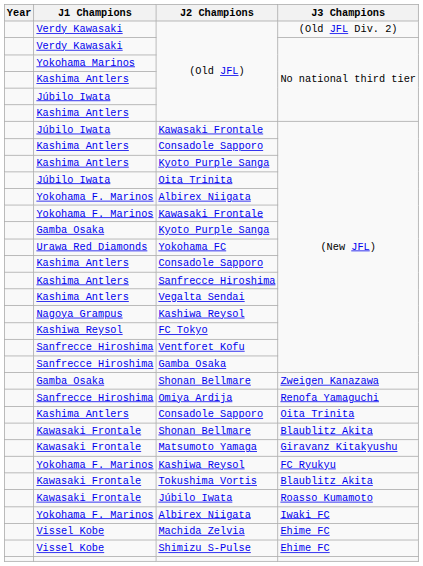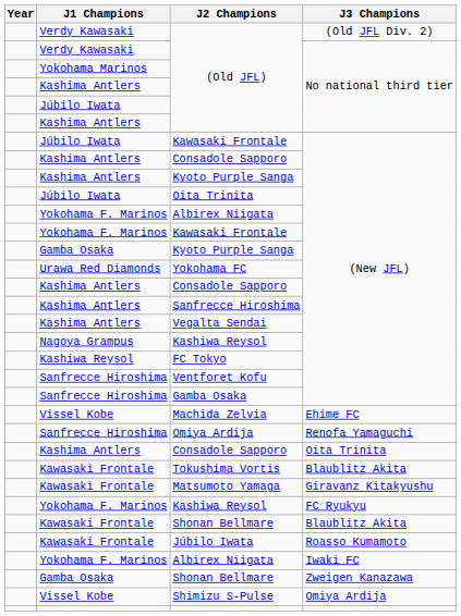 <table class="wikitable">
 <tr>
 <th>Year</th>
 <th>J1 Champions</th>
 <th>J2 Champions</th>
 <th>J3 Champions</th>
 </tr>
 <tr>
 <td></td>
 <td><a href='#'>Verdy Kawasaki</a></td>
 <td rowspan="6" align="center">(Old <a href='#'>JFL</a>)</td>
 <td align="center">(Old <a href='#'>JFL</a> Div. 2)</td>
 </tr>
 <tr>
 <td></td>
 <td><a href='#'>Verdy Kawasaki</a></td>
 <td rowspan="5" align="center">No national third tier</td>
 </tr>
 <tr>
 <td></td>
 <td><a href='#'>Yokohama Marinos</a></td>
 </tr>
 <tr>
 <td></td>
 <td><a href='#'>Kashima Antlers</a></td>
 </tr>
 <tr>
 <td></td>
 <td><a href='#'>Júbilo Iwata</a></td>
 </tr>
 <tr>
 <td></td>
 <td><a href='#'>Kashima Antlers</a></td>
 </tr>
 <tr>
 <td></td>
 <td><a href='#'>Júbilo Iwata</a></td>
 <td><a href='#'>Kawasaki Frontale</a></td>
 <td rowspan="15" align="center">(New <a href='#'>JFL</a>)</td>
 </tr>
 <tr>
 <td></td>
 <td><a href='#'>Kashima Antlers</a></td>
 <td><a href='#'>Consadole Sapporo</a></td>
 </tr>
 <tr>
 <td></td>
 <td><a href='#'>Kashima Antlers</a></td>
 <td><a href='#'>Kyoto Purple Sanga</a></td>
 </tr>
 <tr>
 <td></td>
 <td><a href='#'>Júbilo Iwata</a></td>
 <td><a href='#'>Oita Trinita</a></td>
 </tr>
 <tr>
 <td></td>
 <td><a href='#'>Yokohama F. Marinos</a></td>
 <td><a href='#'>Albirex Niigata</a></td>
 </tr>
 <tr>
 <td></td>
 <td><a href='#'>Yokohama F. Marinos</a></td>
 <td><a href='#'>Kawasaki Frontale</a></td>
 </tr>
 <tr>
 <td></td>
 <td><a href='#'>Gamba Osaka</a></td>
 <td><a href='#'>Kyoto Purple Sanga</a></td>
 </tr>
 <tr>
 <td></td>
 <td><a href='#'>Urawa Red Diamonds</a></td>
 <td><a href='#'>Yokohama FC</a></td>
 </tr>
 <tr>
 <td></td>
 <td><a href='#'>Kashima Antlers</a></td>
 <td><a href='#'>Consadole Sapporo</a></td>
 </tr>
 <tr>
 <td></td>
 <td><a href='#'>Kashima Antlers</a></td>
 <td><a href='#'>Sanfrecce Hiroshima</a></td>
 </tr>
 <tr>
 <td></td>
 <td><a href='#'>Kashima Antlers</a></td>
 <td><a href='#'>Vegalta Sendai</a></td>
 </tr>
 <tr>
 <td></td>
 <td><a href='#'>Nagoya Grampus</a></td>
 <td><a href='#'>Kashiwa Reysol</a></td>
 </tr>
 <tr>
 <td></td>
 <td><a href='#'>Kashiwa Reysol</a></td>
 <td><a href='#'>FC Tokyo</a></td>
 </tr>
 <tr>
 <td></td>
 <td><a href='#'>Sanfrecce Hiroshima</a></td>
 <td><a href='#'>Ventforet Kofu</a></td>
 </tr>
 <tr>
 <td></td>
 <td><a href='#'>Sanfrecce Hiroshima</a></td>
 <td><a href='#'>Gamba Osaka</a></td>
 </tr>
 <tr>
 <td></td>
-<td><a href='#'>Gamba Osaka</a></td>
-<td><a href='#'>Shonan Bellmare</a></td>
-<td><a href='#'>Zweigen Kanazawa</a></td>
+<td><a href='#'>Vissel Kobe</a></td>
+<td><a href='#'>Machida Zelvia</a></td>
+<td><a href='#'>Ehime FC</a></td>
 </tr>
 <tr>
 <td></td>
 <td><a href='#'>Sanfrecce Hiroshima</a></td>
 <td><a href='#'>Omiya Ardija</a></td>
 <td><a href='#'>Renofa Yamaguchi</a></td>
 </tr>
 <tr>
 <td></td>
 <td><a href='#'>Kashima Antlers</a></td>
 <td><a href='#'>Consadole Sapporo</a></td>
 <td><a href='#'>Oita Trinita</a></td>
 </tr>
 <tr>
 <td></td>
 <td><a href='#'>Kawasaki Frontale</a></td>
-<td><a href='#'>Shonan Bellmare</a></td>
+<td><a href='#'>Tokushima Vortis</a></td>
 <td><a href='#'>Blaublitz Akita</a></td>
 </tr>
 <tr>
 <td></td>
 <td><a href='#'>Kawasaki Frontale</a></td>
 <td><a href='#'>Matsumoto Yamaga</a></td>
 <td><a href='#'>Giravanz Kitakyushu</a></td>
 </tr>
 <tr>
 <td></td>
 <td><a href='#'>Yokohama F. Marinos</a></td>
 <td><a href='#'>Kashiwa Reysol</a></td>
 <td><a href='#'>FC Ryukyu</a></td>
 </tr>
 <tr>
 <td></td>
 <td><a href='#'>Kawasaki Frontale</a></td>
-<td><a href='#'>Tokushima Vortis</a></td>
+<td><a href='#'>Shonan Bellmare</a></td>
 <td><a href='#'>Blaublitz Akita</a></td>
 </tr>
 <tr>
 <td></td>
 <td><a href='#'>Kawasaki Frontale</a></td>
 <td><a href='#'>Júbilo Iwata</a></td>
 <td><a href='#'>Roasso Kumamoto</a></td>
 </tr>
 <tr>
 <td></td>
 <td><a href='#'>Yokohama F. Marinos</a></td>
 <td><a href='#'>Albirex Niigata</a></td>
 <td><a href='#'>Iwaki FC</a></td>
 </tr>
 <tr>
 <td></td>
-<td><a href='#'>Vissel Kobe</a></td>
-<td><a href='#'>Machida Zelvia</a></td>
-<td><a href='#'>Ehime FC</a></td>
+<td><a href='#'>Gamba Osaka</a></td>
+<td><a href='#'>Shonan Bellmare</a></td>
+<td><a href='#'>Zweigen Kanazawa</a></td>
 </tr>
 <tr>
 <td></td>
 <td><a href='#'>Vissel Kobe</a></td>
 <td><a href='#'>Shimizu S-Pulse</a></td>
-<td><a href='#'>Ehime FC</a></td>
+<td><a href='#'>Omiya Ardija</a></td>
 </tr>
 <tr>
 <td></td>
 <td></td>
 <td></td>
 <td></td>
 </tr>
 </table>
